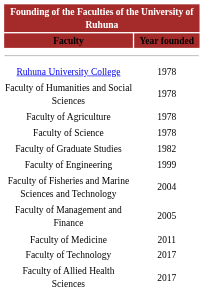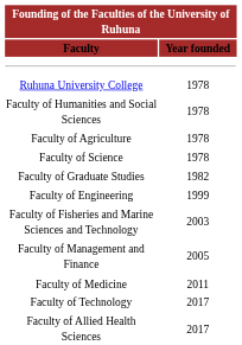 <table class="toccolours" style="float:right; margin-left:1em; font-size:90%; line-height:1.4em; width:300px;">
 <tr>
 <th colspan="2" style="background:Brown; color:white; font-weight:bold"><strong>Founding of the Faculties of the University of Ruhuna</strong></th>
 </tr>
 <tr style="text-align:center; font-weight:bold;">
 <td style="background:Brown; width:200px"><strong>Faculty</strong></td>
 <td style="background:Brown; width:100px"><strong>Year founded</strong></td>
 </tr>
 <tr>
 <td colspan="2"><hr></td>
 </tr>
 <tr>
 </tr>
 <tr align="center">
 <td><a href='#'>Ruhuna University College</a></td>
 <td>1978</td>
 </tr>
 <tr align="center">
 <td>Faculty of Humanities and Social Sciences</td>
 <td>1978</td>
 </tr>
 <tr align="center">
 <td>Faculty of Agriculture</td>
 <td>1978</td>
 </tr>
 <tr align="center">
 <td>Faculty of Science</td>
 <td>1978</td>
 </tr>
 <tr align="center">
 <td>Faculty of Graduate Studies</td>
 <td>1982</td>
 </tr>
 <tr align="center">
 <td>Faculty of Engineering</td>
 <td>1999</td>
 </tr>
 <tr align="center">
 <td>Faculty of Fisheries and Marine Sciences and Technology</td>
-<td>2004</td>
+<td>2003</td>
 </tr>
 <tr align="center">
 <td>Faculty of Management and Finance</td>
 <td>2005</td>
 </tr>
 <tr align="center">
 <td>Faculty of Medicine</td>
 <td>2011</td>
 </tr>
 <tr align="center">
 <td>Faculty of Technology</td>
 <td>2017</td>
 </tr>
 <tr align="center">
 <td>Faculty of Allied Health Sciences</td>
 <td>2017</td>
 </tr>
 </table>
